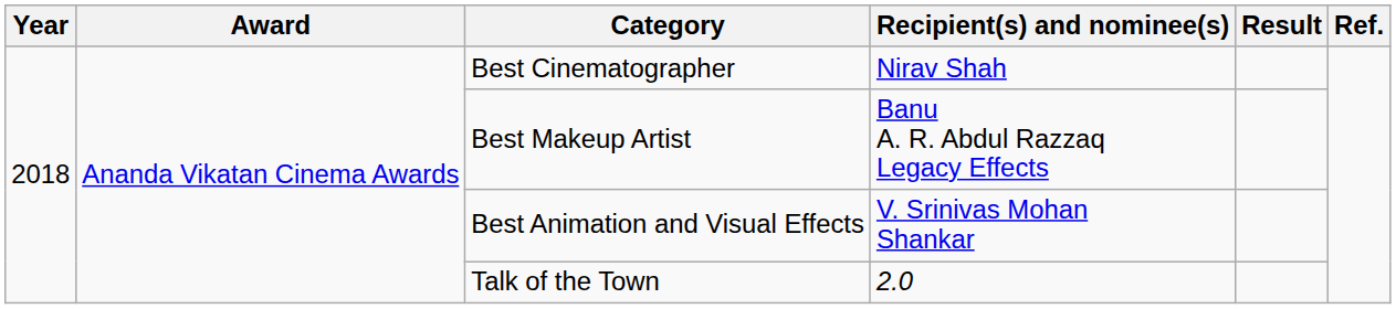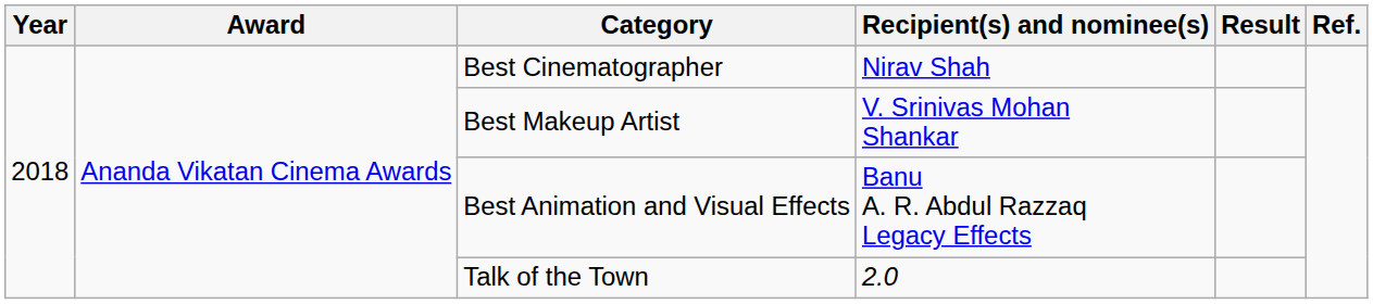 <table class="wikitable sortable">
 <tr>
 <th>Year</th>
 <th>Award</th>
 <th>Category</th>
 <th>Recipient(s) and nominee(s)</th>
 <th>Result</th>
 <th>Ref.</th>
 </tr>
 <tr>
 <td rowspan="4">2018</td>
 <td rowspan="4"><a href='#'>Ananda Vikatan Cinema Awards</a></td>
 <td>Best Cinematographer</td>
 <td><a href='#'>Nirav Shah</a></td>
 <td></td>
 <td rowspan="4"></td>
 </tr>
 <tr>
 <td>Best Makeup Artist</td>
-<td><a href='#'>Banu</a><br>A. R. Abdul Razzaq<br><a href='#'>Legacy Effects</a></td>
+<td><a href='#'>V. Srinivas Mohan</a><br><a href='#'>Shankar</a></td>
 <td></td>
 </tr>
 <tr>
 <td>Best Animation and Visual Effects</td>
-<td><a href='#'>V. Srinivas Mohan</a><br><a href='#'>Shankar</a></td>
+<td><a href='#'>Banu</a><br>A. R. Abdul Razzaq<br><a href='#'>Legacy Effects</a></td>
 <td></td>
 </tr>
 <tr>
 <td>Talk of the Town</td>
 <td><em>2.0</em></td>
 <td></td>
 </tr>
 </table>
